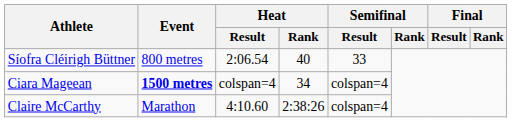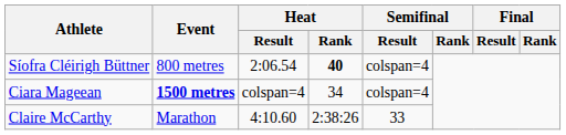 <table class="wikitable" style="font-size:90%">
 <tr>
 <th rowspan="2">Athlete</th>
 <th rowspan="2">Event</th>
 <th colspan="2">Heat</th>
 <th colspan="2">Semifinal</th>
 <th colspan="2">Final</th>
 </tr>
 <tr style="font-size:95%">
 <th>Result</th>
 <th>Rank</th>
 <th>Result</th>
 <th>Rank</th>
 <th>Result</th>
 <th>Rank</th>
 </tr>
 <tr style=text-align:center>
 <td style=text-align:left><a href='#'>Síofra Cléirigh Büttner</a></td>
 <td style=text-align:left><a href='#'>800 metres</a></td>
 <td>2:06.54</td>
-<td>40</td>
-<td>33</td>
+<td><strong>40</strong></td>
+<td>colspan=4 </td>
 </tr>
 <tr style=text-align:center>
 <td style=text-align:left><a href='#'>Ciara Mageean</a></td>
 <td style=text-align:left><strong><a href='#'>1500 metres</a></strong></td>
 <td>colspan=4 </td>
 <td>34</td>
 <td>colspan=4 </td>
 </tr>
 <tr style=text-align:center>
 <td style=text-align:left><a href='#'>Claire McCarthy</a></td>
 <td style=text-align:left><a href='#'>Marathon</a></td>
 <td>4:10.60</td>
 <td>2:38:26</td>
-<td>colspan=4 </td>
+<td>33</td>
 </tr>
 </table>
